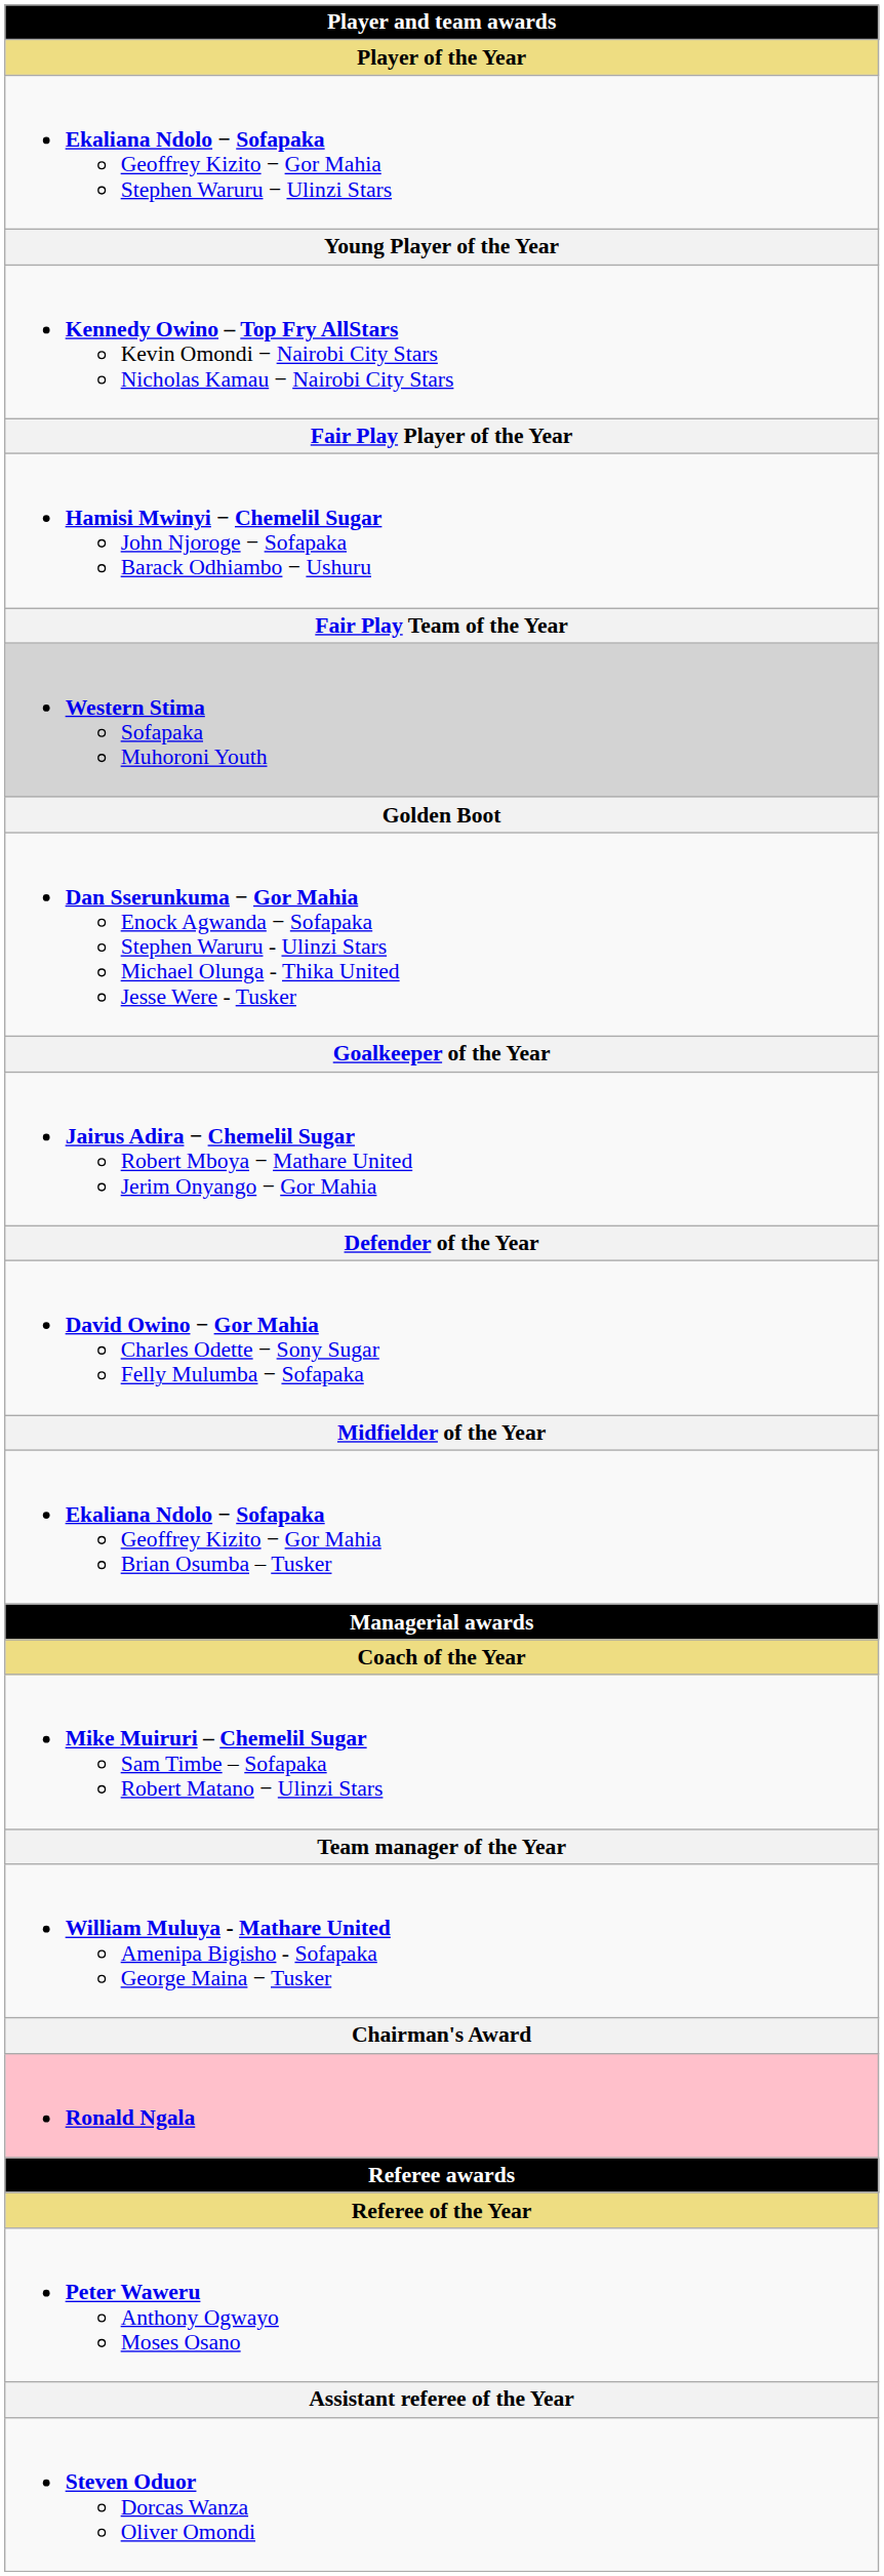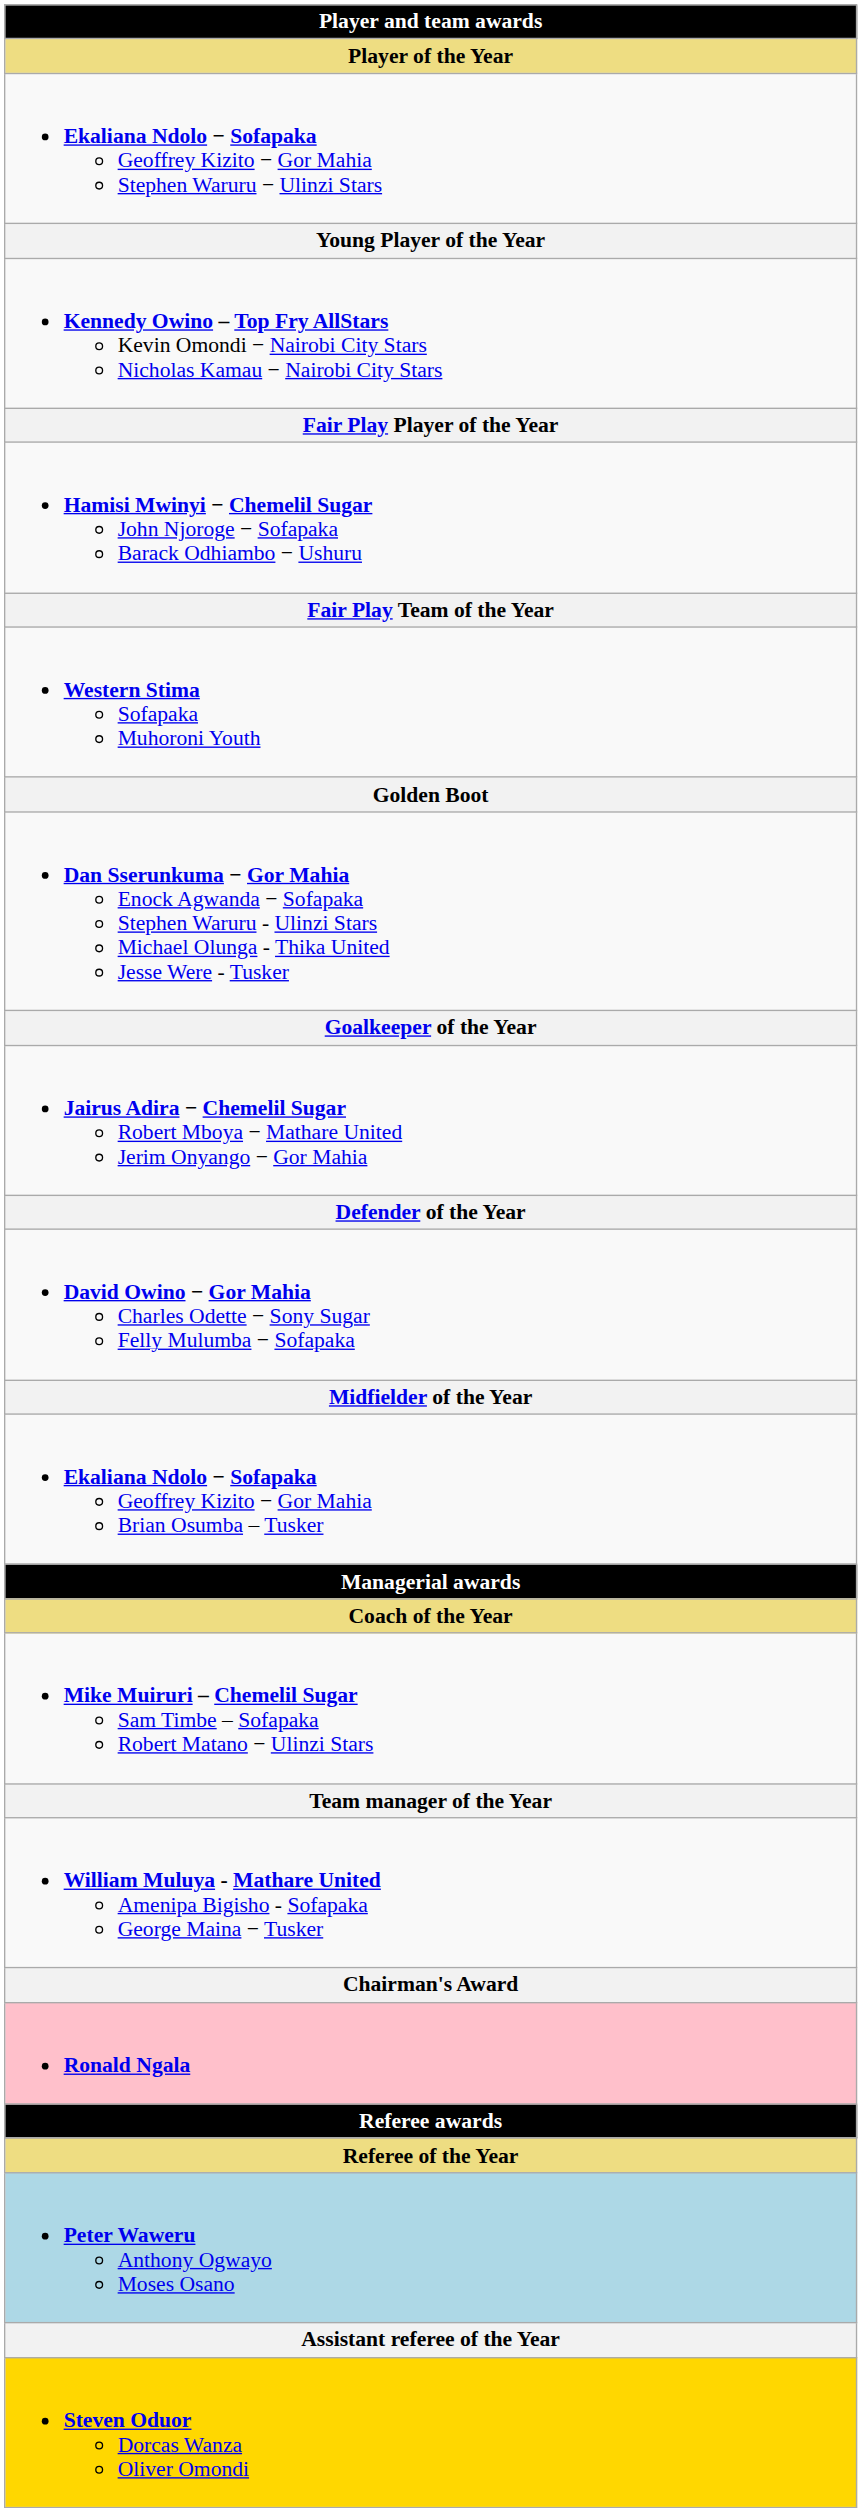 <table class="wikitable" width="50%">
 <tr>
 <th style="background:#000000; color: #FFFFFF">Player and team awards</th>
 </tr>
 <tr>
 <th style="background:#EEDD82;">Player of the Year</th>
 </tr>
 <tr>
 <td valign="top"><br><ul><li><strong> <a href='#'>Ekaliana Ndolo</a> − <a href='#'>Sofapaka</a></strong><ul><li> <a href='#'>Geoffrey Kizito</a> − <a href='#'>Gor Mahia</a></li><li> <a href='#'>Stephen Waruru</a> − <a href='#'>Ulinzi Stars</a></li></ul></li></ul></td>
 </tr>
 <tr>
 <th>Young Player of the Year</th>
 </tr>
 <tr>
 <td valign="top"><br><ul><li><strong> <a href='#'>Kennedy Owino</a> – <a href='#'>Top Fry AllStars</a></strong><ul><li> Kevin Omondi − <a href='#'>Nairobi City Stars</a></li><li> <a href='#'>Nicholas Kamau</a> − <a href='#'>Nairobi City Stars</a></li></ul></li></ul></td>
 </tr>
 <tr>
 <th><a href='#'>Fair Play</a> Player of the Year</th>
 </tr>
 <tr>
 <td valign="top"><br><ul><li><strong> <a href='#'>Hamisi Mwinyi</a> − <a href='#'>Chemelil Sugar</a></strong><ul><li> <a href='#'>John Njoroge</a> − <a href='#'>Sofapaka</a></li><li> <a href='#'>Barack Odhiambo</a> − <a href='#'>Ushuru</a></li></ul></li></ul></td>
 </tr>
 <tr>
 <th><a href='#'>Fair Play</a> Team of the Year</th>
 </tr>
 <tr>
-<td valign="top" style="background: lightgrey;"><br><ul><li><strong><a href='#'>Western Stima</a></strong><ul><li><a href='#'>Sofapaka</a></li><li><a href='#'>Muhoroni Youth</a></li></ul></li></ul></td>
+<td valign="top"><br><ul><li><strong><a href='#'>Western Stima</a></strong><ul><li><a href='#'>Sofapaka</a></li><li><a href='#'>Muhoroni Youth</a></li></ul></li></ul></td>
 </tr>
 <tr>
 <th>Golden Boot</th>
 </tr>
 <tr>
 <td valign="top"><br><ul><li><strong> <a href='#'>Dan Sserunkuma</a> − <a href='#'>Gor Mahia</a></strong><ul><li> <a href='#'>Enock Agwanda</a> − <a href='#'>Sofapaka</a></li><li> <a href='#'>Stephen Waruru</a> - <a href='#'>Ulinzi Stars</a></li><li> <a href='#'>Michael Olunga</a> - <a href='#'>Thika United</a></li><li> <a href='#'>Jesse Were</a> - <a href='#'>Tusker</a></li></ul></li></ul></td>
 </tr>
 <tr>
 <th><a href='#'>Goalkeeper</a> of the Year</th>
 </tr>
 <tr>
 <td valign="top"><br><ul><li><strong> <a href='#'>Jairus Adira</a> − <a href='#'>Chemelil Sugar</a></strong><ul><li> <a href='#'>Robert Mboya</a> − <a href='#'>Mathare United</a></li><li> <a href='#'>Jerim Onyango</a> − <a href='#'>Gor Mahia</a></li></ul></li></ul></td>
 </tr>
 <tr>
 <th><a href='#'>Defender</a> of the Year</th>
 </tr>
 <tr>
 <td valign="top"><br><ul><li><strong> <a href='#'>David Owino</a> − <a href='#'>Gor Mahia</a></strong><ul><li> <a href='#'>Charles Odette</a> − <a href='#'>Sony Sugar</a></li><li> <a href='#'>Felly Mulumba</a> − <a href='#'>Sofapaka</a></li></ul></li></ul></td>
 </tr>
 <tr>
 <th><a href='#'>Midfielder</a> of the Year</th>
 </tr>
 <tr>
 <td valign="top"><br><ul><li><strong> <a href='#'>Ekaliana Ndolo</a> − <a href='#'>Sofapaka</a></strong><ul><li> <a href='#'>Geoffrey Kizito</a> − <a href='#'>Gor Mahia</a></li><li> <a href='#'>Brian Osumba</a> – <a href='#'>Tusker</a></li></ul></li></ul></td>
 </tr>
 <tr>
 <th style="background:#000000; color: #FFFFFF">Managerial awards</th>
 </tr>
 <tr>
 <th style="background:#EEDD82;">Coach of the Year</th>
 </tr>
 <tr>
 <td valign="top"><br><ul><li><strong> <a href='#'>Mike Muiruri</a> – <a href='#'>Chemelil Sugar</a></strong><ul><li> <a href='#'>Sam Timbe</a> – <a href='#'>Sofapaka</a></li><li> <a href='#'>Robert Matano</a> − <a href='#'>Ulinzi Stars</a></li></ul></li></ul></td>
 </tr>
 <tr>
 <th>Team manager of the Year</th>
 </tr>
 <tr>
 <td valign="top"><br><ul><li><strong> <a href='#'>William Muluya</a> - <a href='#'>Mathare United</a></strong><ul><li> <a href='#'>Amenipa Bigisho</a> - <a href='#'>Sofapaka</a></li><li> <a href='#'>George Maina</a> − <a href='#'>Tusker</a></li></ul></li></ul></td>
 </tr>
 <tr>
 <th>Chairman's Award</th>
 </tr>
 <tr>
 <td valign="top" style="background: pink;"><br><ul><li><strong> <a href='#'>Ronald Ngala</a></strong></li></ul></td>
 </tr>
 <tr>
 <th style="background:#000000; color: #FFFFFF">Referee awards</th>
 </tr>
 <tr>
 </tr>
 <tr>
 <th style="background:#EEDD82;">Referee of the Year</th>
 </tr>
 <tr>
-<td valign="top"><br><ul><li><strong><a href='#'>Peter Waweru</a></strong><ul><li><a href='#'>Anthony Ogwayo</a></li><li><a href='#'>Moses Osano</a></li></ul></li></ul></td>
+<td valign="top" style="background: lightblue;"><br><ul><li><strong><a href='#'>Peter Waweru</a></strong><ul><li><a href='#'>Anthony Ogwayo</a></li><li><a href='#'>Moses Osano</a></li></ul></li></ul></td>
 </tr>
 <tr>
 <th>Assistant referee of the Year</th>
 </tr>
 <tr>
-<td valign="top"><br><ul><li><strong><a href='#'>Steven Oduor</a></strong><ul><li><a href='#'>Dorcas Wanza</a></li><li><a href='#'>Oliver Omondi</a></li></ul></li></ul></td>
+<td valign="top" style="background: gold;"><br><ul><li><strong><a href='#'>Steven Oduor</a></strong><ul><li><a href='#'>Dorcas Wanza</a></li><li><a href='#'>Oliver Omondi</a></li></ul></li></ul></td>
 </tr>
 </table>
